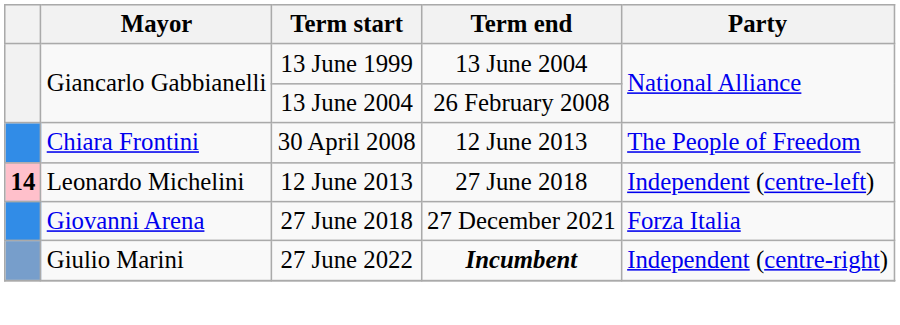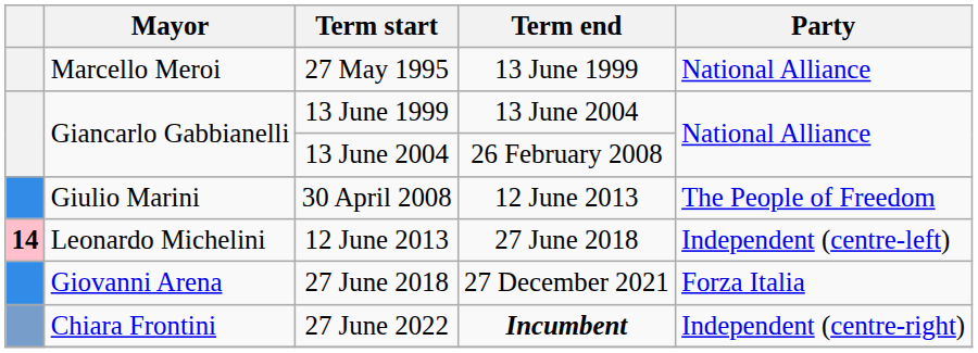 <table class="wikitable">
 <tr>
 <th class=unsortable> </th>
 <th>Mayor</th>
 <th>Term start</th>
 <th>Term end</th>
 <th>Party</th>
+</tr>
+<tr>
+<th style="background:"></th>
+<td>Marcello Meroi</td>
+<td align=center>27 May 1995</td>
+<td align=center>13 June 1999</td>
+<td><a href='#'>National Alliance</a></td>
 </tr>
 <tr>
 <th rowspan=2 style="background:"></th>
 <td rowspan=2>Giancarlo Gabbianelli</td>
 <td align=center>13 June 1999</td>
 <td align=center>13 June 2004</td>
 <td rowspan=2><a href='#'>National Alliance</a></td>
 </tr>
 <tr>
 <td align=center>13 June 2004</td>
 <td align=center>26 February 2008</td>
 </tr>
 <tr>
 <th style="background:#318CE7;"></th>
-<td><a href='#'>Chiara Frontini</a></td>
+<td>Giulio Marini</td>
 <td align=center>30 April 2008</td>
 <td align=center>12 June 2013</td>
 <td><a href='#'>The People of Freedom</a></td>
 </tr>
 <tr>
 <th style="background:pink;">14</th>
 <td>Leonardo Michelini</td>
 <td align=center>12 June 2013</td>
 <td align=center>27 June 2018</td>
 <td><a href='#'>Independent</a> (<a href='#'>centre-left</a>)</td>
 </tr>
 <tr>
 <th style="background:#318CE7;"></th>
 <td><a href='#'>Giovanni Arena</a></td>
 <td align=center>27 June 2018</td>
 <td align=center>27 December 2021</td>
 <td><a href='#'>Forza Italia</a></td>
 </tr>
 <tr>
 <th style="background:#779ECB;"></th>
-<td>Giulio Marini</td>
+<td><a href='#'>Chiara Frontini</a></td>
 <td align=center>27 June 2022</td>
 <td align=center><strong><em>Incumbent</em></strong></td>
 <td><a href='#'>Independent</a> (<a href='#'>centre-right</a>)</td>
 </tr>
 <tr>
 </tr>
 </table>
